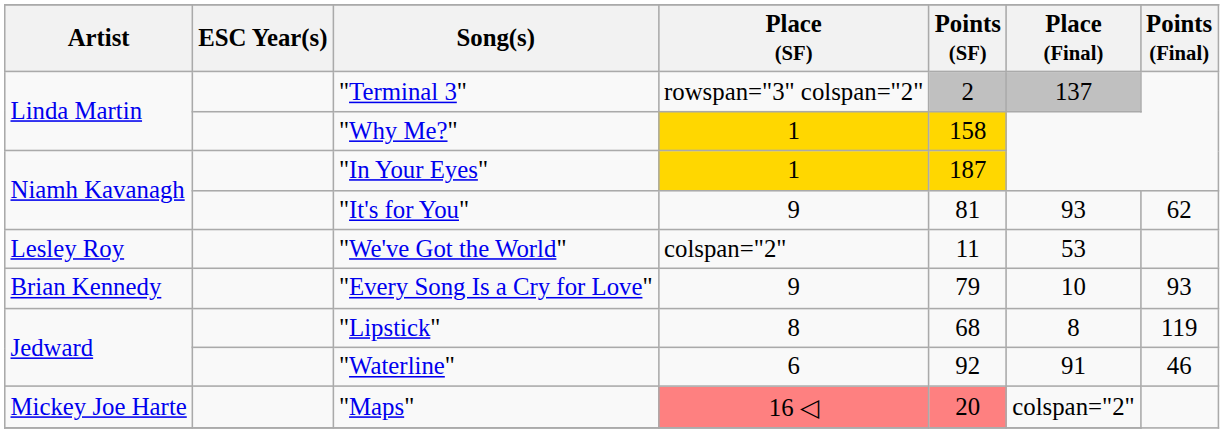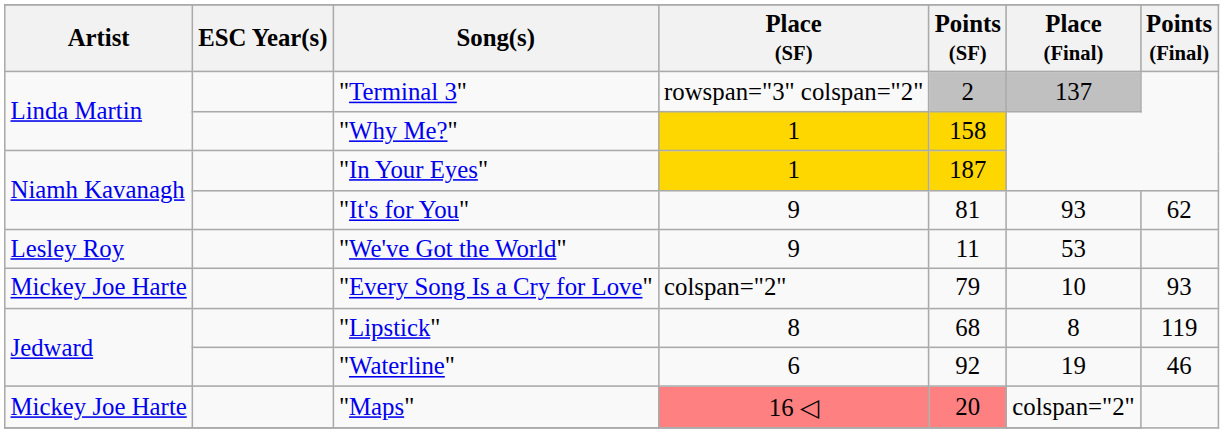 <table class="wikitable">
 <tr>
 </tr>
 <tr>
 <th>Artist</th>
 <th>ESC Year(s)</th>
 <th>Song(s)</th>
 <th>Place<br><small>(SF)</small></th>
 <th>Points<br><small>(SF)</small></th>
 <th>Place<br><small>(Final)</small></th>
 <th>Points<br><small>(Final)</small></th>
 </tr>
 <tr>
 <td rowspan="2"><a href='#'>Linda Martin</a></td>
 <td align=center></td>
 <td>"<a href='#'>Terminal 3</a>"</td>
 <td>rowspan="3" colspan="2" </td>
 <td bgcolor="silver" align=center>2</td>
 <td bgcolor="silver" align=center>137</td>
 </tr>
 <tr>
 <td align=center></td>
 <td>"<a href='#'>Why Me?</a>"</td>
 <td bgcolor="gold" align=center>1</td>
 <td bgcolor="gold" align=center>158</td>
 </tr>
 <tr>
 <td rowspan="2"><a href='#'>Niamh Kavanagh</a></td>
 <td align=center></td>
 <td>"<a href='#'>In Your Eyes</a>"</td>
 <td bgcolor="gold" align=center>1</td>
 <td bgcolor="gold" align=center>187</td>
 </tr>
 <tr>
 <td align=center></td>
 <td>"<a href='#'>It's for You</a>"</td>
 <td align=center>9</td>
 <td align=center>81</td>
 <td align=center>93</td>
 <td align=center>62</td>
 </tr>
 <tr>
 <td><a href='#'>Lesley Roy</a></td>
 <td align=center></td>
 <td>"<a href='#'>We've Got the World</a>"</td>
-<td>colspan="2" </td>
+<td align=center>9</td>
 <td align=center>11</td>
 <td align=center>53</td>
 </tr>
 <tr>
-<td><a href='#'>Brian Kennedy</a></td>
+<td><a href='#'>Mickey Joe Harte</a></td>
 <td align=center></td>
 <td>"<a href='#'>Every Song Is a Cry for Love</a>"</td>
-<td align=center>9</td>
+<td>colspan="2" </td>
 <td align=center>79</td>
 <td align=center>10</td>
 <td align=center>93</td>
 </tr>
 <tr>
 <td rowspan="2"><a href='#'>Jedward</a></td>
 <td align=center></td>
 <td>"<a href='#'>Lipstick</a>"</td>
 <td align=center>8</td>
 <td align=center>68</td>
 <td align=center>8</td>
 <td align=center>119</td>
 </tr>
 <tr>
 <td align=center></td>
 <td>"<a href='#'>Waterline</a>"</td>
 <td align=center>6</td>
 <td align=center>92</td>
-<td align=center>91</td>
+<td align=center>19</td>
 <td align=center>46</td>
 </tr>
 <tr>
 <td><a href='#'>Mickey Joe Harte</a></td>
 <td align=center></td>
 <td>"<a href='#'>Maps</a>"</td>
 <td bgcolor=#fe8080 align=center>16 ◁</td>
 <td bgcolor=#fe8080 align=center>20</td>
 <td>colspan="2" </td>
 </tr>
 <tr>
 </tr>
 </table>
